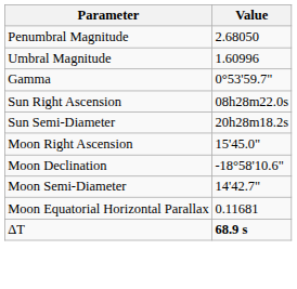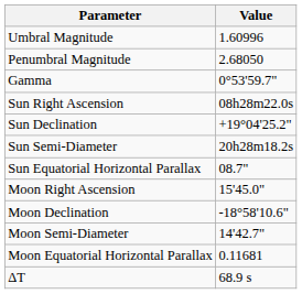 <table class="wikitable">
 <tr>
 <th>Parameter</th>
 <th>Value</th>
 </tr>
 <tr>
+<td>Umbral Magnitude</td>
+<td>1.60996</td>
+</tr>
+<tr>
 <td>Penumbral Magnitude</td>
 <td>2.68050</td>
-</tr>
-<tr>
-<td>Umbral Magnitude</td>
-<td>1.60996</td>
 </tr>
 <tr>
 <td>Gamma</td>
 <td>0°53'59.7"</td>
 </tr>
 <tr>
 <td>Sun Right Ascension</td>
 <td>08h28m22.0s</td>
 </tr>
 <tr>
+<td>Sun Declination</td>
+<td>+19°04'25.2"</td>
+</tr>
+<tr>
 <td>Sun Semi-Diameter</td>
 <td>20h28m18.2s</td>
+</tr>
+<tr>
+<td>Sun Equatorial Horizontal Parallax</td>
+<td>08.7"</td>
 </tr>
 <tr>
 <td>Moon Right Ascension</td>
 <td>15'45.0"</td>
 </tr>
 <tr>
 <td>Moon Declination</td>
 <td>-18°58'10.6"</td>
 </tr>
 <tr>
 <td>Moon Semi-Diameter</td>
 <td>14'42.7"</td>
 </tr>
 <tr>
 <td>Moon Equatorial Horizontal Parallax</td>
 <td>0.11681</td>
 </tr>
 <tr>
 <td>ΔT</td>
-<td><strong>68.9 s</strong></td>
+<td>68.9 s</td>
 </tr>
 </table>
